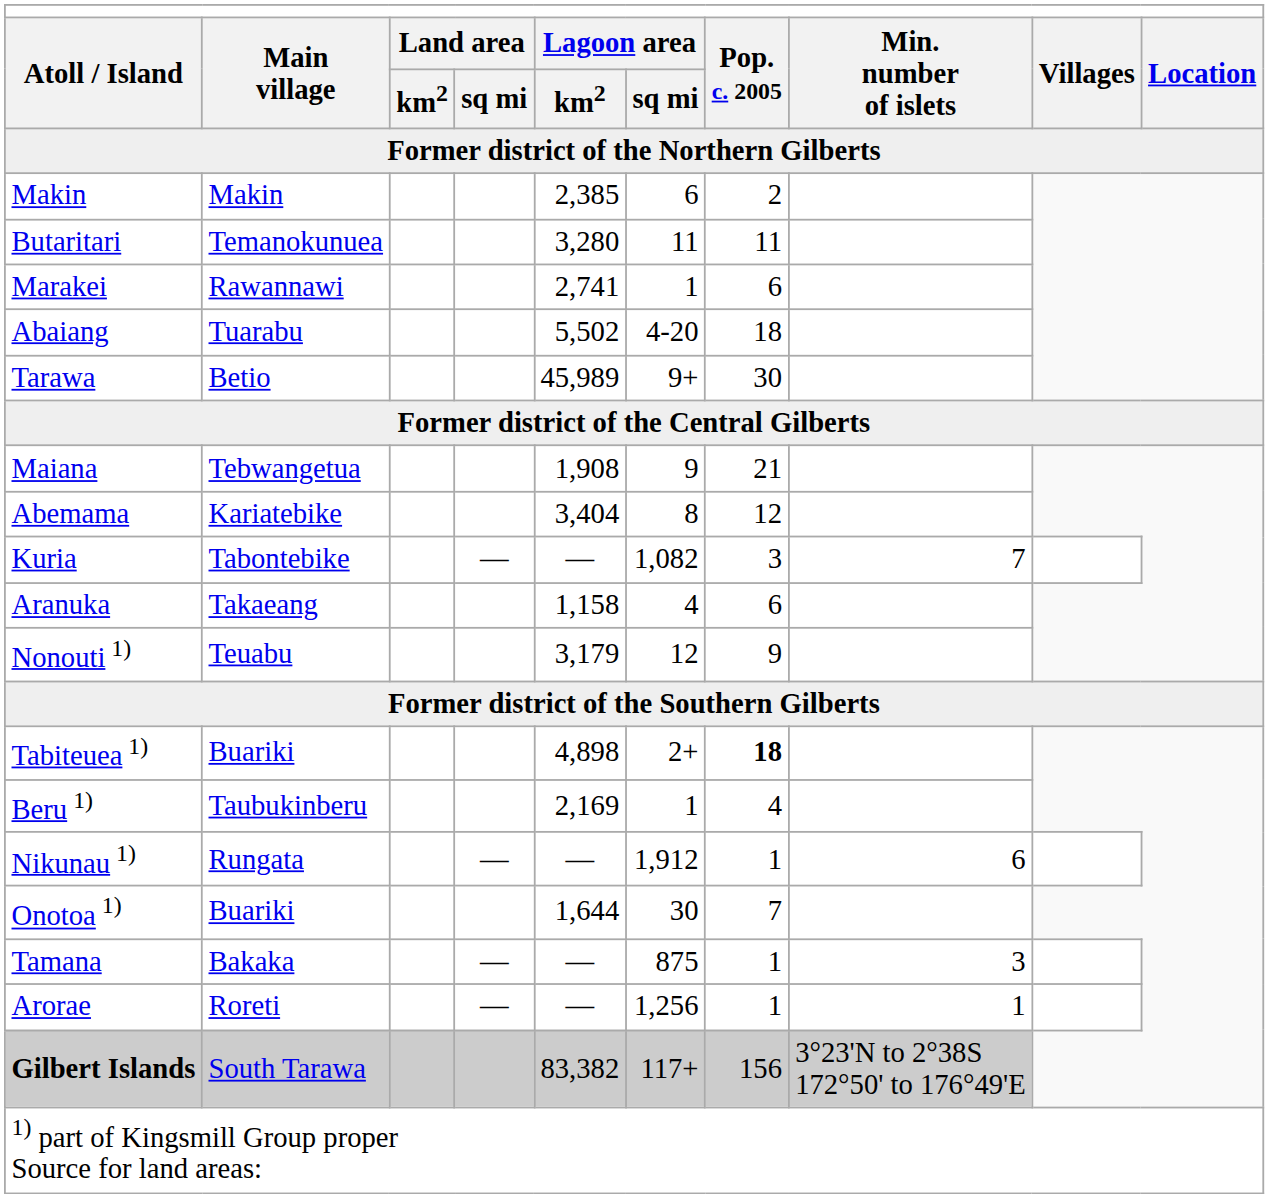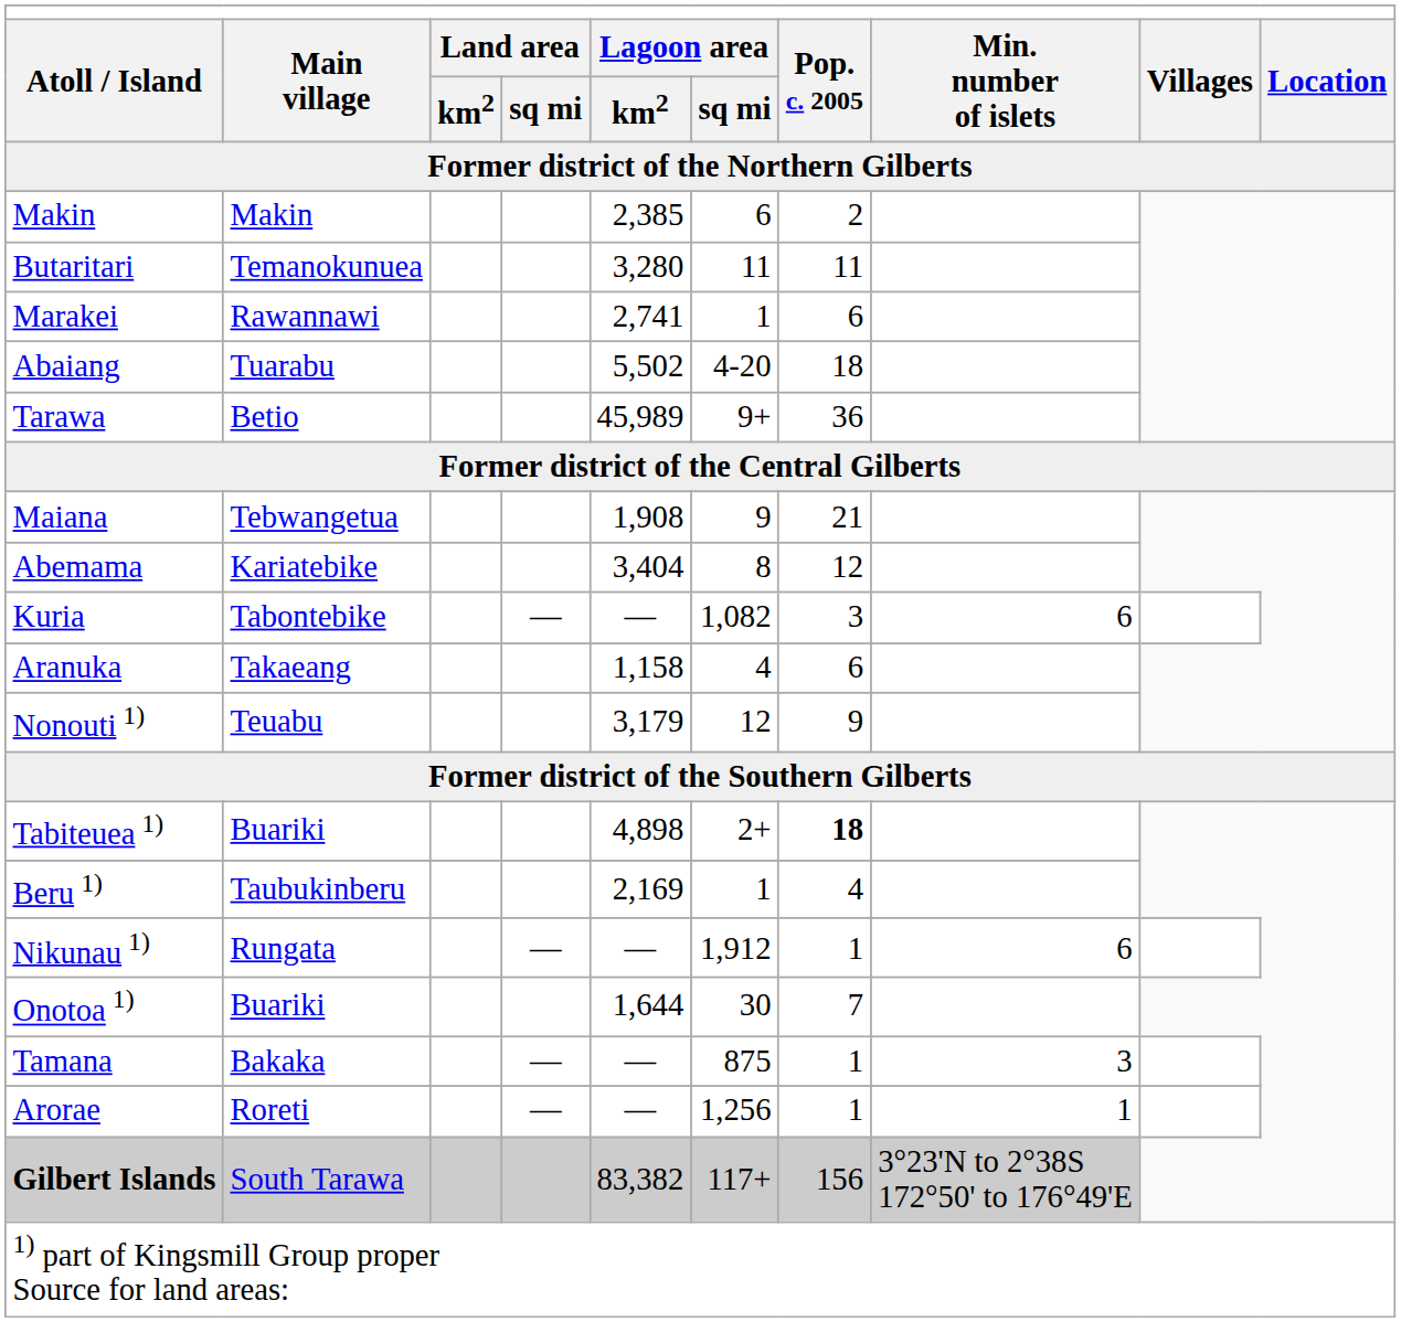 <table class="wikitable" style="clear:both">
 <tr>
 <th colspan="25"  style="background:#fff; horizontal-align:left; vertical-align:top;"></th>
 </tr>
 <tr>
 <th rowspan=2>Atoll / Island</th>
 <th rowspan=2>Main<br>village</th>
 <th colspan=2>Land area</th>
 <th colspan=2><a href='#'>Lagoon</a> area</th>
 <th rowspan=2>Pop.<br><small><a href='#'>c.</a> 2005</small></th>
 <th rowspan=2>Min.<br>number<br>of islets</th>
 <th rowspan=2>Villages</th>
 <th rowspan=2><a href='#'>Location</a></th>
 </tr>
 <tr>
 <th>km<sup>2</sup></th>
 <th>sq mi</th>
 <th>km<sup>2</sup></th>
 <th>sq mi</th>
 </tr>
 <tr>
 <td colspan="11"  style="text-align:center; background:#efefef;"><strong>Former district of the Northern Gilberts</strong></td>
 </tr>
 <tr style="background:#fff;">
 <td><a href='#'>Makin</a></td>
 <td><a href='#'>Makin</a></td>
 <td></td>
 <td></td>
 <td align=right>2,385</td>
 <td align=right>6</td>
 <td align=right>2</td>
 <td></td>
 </tr>
 <tr style="background:#fff;">
 <td><a href='#'>Butaritari</a></td>
 <td><a href='#'>Temanokunuea</a></td>
 <td></td>
 <td></td>
 <td align=right>3,280</td>
 <td align=right>11</td>
 <td align=right>11</td>
 <td></td>
 </tr>
 <tr style="background:#fff;">
 <td><a href='#'>Marakei</a></td>
 <td><a href='#'>Rawannawi</a></td>
 <td></td>
 <td></td>
 <td align=right>2,741</td>
 <td align=right>1</td>
 <td align=right>6</td>
 <td></td>
 </tr>
 <tr style="background:#fff;">
 <td><a href='#'>Abaiang</a></td>
 <td><a href='#'>Tuarabu</a></td>
 <td></td>
 <td></td>
 <td align=right>5,502</td>
 <td align=right>4-20</td>
 <td align=right>18</td>
 <td></td>
 </tr>
 <tr style="background:#fff;">
 <td><a href='#'>Tarawa</a></td>
 <td><a href='#'>Betio</a></td>
 <td></td>
 <td></td>
 <td align=right>45,989</td>
 <td align=right>9+</td>
-<td align=right>30</td>
+<td align=right>36</td>
 <td></td>
 </tr>
 <tr>
 <td colspan="11"  style="text-align:center; background:#efefef;"><strong>Former district of the Central Gilberts</strong></td>
 </tr>
 <tr style="background:#fff;">
 <td><a href='#'>Maiana</a></td>
 <td><a href='#'>Tebwangetua</a></td>
 <td></td>
 <td></td>
 <td align=right>1,908</td>
 <td align=right>9</td>
 <td align=right>21</td>
 <td></td>
 </tr>
 <tr style="background:#fff;">
 <td><a href='#'>Abemama</a></td>
 <td><a href='#'>Kariatebike</a></td>
 <td></td>
 <td></td>
 <td align=right>3,404</td>
 <td align=right>8</td>
 <td align=right>12</td>
 <td></td>
 </tr>
 <tr style="background:#fff;">
 <td><a href='#'>Kuria</a></td>
 <td><a href='#'>Tabontebike</a></td>
 <td></td>
 <td align=center>—</td>
 <td align=center>—</td>
 <td align=right>1,082</td>
 <td align=right>3</td>
-<td align=right>7</td>
+<td align=right>6</td>
 <td></td>
 </tr>
 <tr style="background:#fff;">
 <td><a href='#'>Aranuka</a></td>
 <td><a href='#'>Takaeang</a></td>
 <td></td>
 <td></td>
 <td align=right>1,158</td>
 <td align=right>4</td>
 <td align=right>6</td>
 <td></td>
 </tr>
 <tr style="background:#fff;">
 <td><a href='#'>Nonouti</a><sup> 1)</sup></td>
 <td><a href='#'>Teuabu</a></td>
 <td></td>
 <td></td>
 <td align=right>3,179</td>
 <td align=right>12</td>
 <td align=right>9</td>
 <td></td>
 </tr>
 <tr>
 <td colspan="11"  style="text-align:center; background:#efefef;"><strong>Former district of the Southern Gilberts</strong></td>
 </tr>
 <tr style="background:#fff;">
 <td><a href='#'>Tabiteuea</a><sup> 1)</sup></td>
 <td><a href='#'>Buariki</a></td>
 <td></td>
 <td></td>
 <td align=right>4,898</td>
 <td align=right>2+</td>
 <td align=right><strong>18</strong></td>
 <td></td>
 </tr>
 <tr style="background:#fff;">
 <td><a href='#'>Beru</a><sup> 1)</sup></td>
 <td><a href='#'>Taubukinberu</a></td>
 <td></td>
 <td></td>
 <td align=right>2,169</td>
 <td align=right>1</td>
 <td align=right>4</td>
 <td></td>
 </tr>
 <tr style="background:#fff;">
 <td><a href='#'>Nikunau</a><sup> 1)</sup></td>
 <td><a href='#'>Rungata</a></td>
 <td></td>
 <td align=center>—</td>
 <td align=center>—</td>
 <td align=right>1,912</td>
 <td align=right>1</td>
 <td align=right>6</td>
 <td></td>
 </tr>
 <tr style="background:#fff;">
 <td><a href='#'>Onotoa</a><sup> 1)</sup></td>
 <td><a href='#'>Buariki</a></td>
 <td></td>
 <td></td>
 <td align=right>1,644</td>
 <td align=right>30</td>
 <td align=right>7</td>
 <td></td>
 </tr>
 <tr style="background:#fff;">
 <td><a href='#'>Tamana</a></td>
 <td><a href='#'>Bakaka</a></td>
 <td></td>
 <td align=center>—</td>
 <td align=center>—</td>
 <td align=right>875</td>
 <td align=right>1</td>
 <td align=right>3</td>
 <td></td>
 </tr>
 <tr style="background:#fff;">
 <td><a href='#'>Arorae</a></td>
 <td><a href='#'>Roreti</a></td>
 <td></td>
 <td align=center>—</td>
 <td align=center>—</td>
 <td align=right>1,256</td>
 <td align=right>1</td>
 <td align=right>1</td>
 <td></td>
 </tr>
 <tr style="background:#ccc;">
 <td><strong>Gilbert Islands</strong></td>
 <td><a href='#'>South Tarawa</a></td>
 <td></td>
 <td></td>
 <td align=right>83,382</td>
 <td align=right>117+</td>
 <td align=right>156</td>
 <td>3°23'N to 2°38S<br>172°50' to 176°49'E</td>
 </tr>
 <tr>
 <td colspan="11" style="background:#fff;"><sup>1)</sup> part of Kingsmill Group proper<br>Source for land areas: </td>
 </tr>
 </table>
